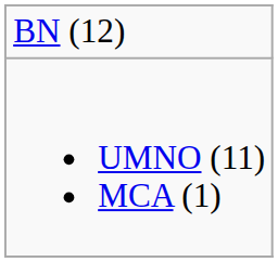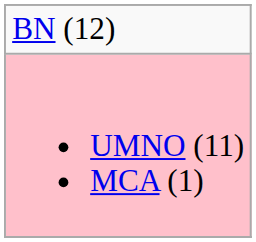 <table class="wikitable">
 <tr>
 <td> <a href='#'>BN</a> (12)</td>
 </tr>
 <tr>
-<td><br><ul><li> <a href='#'>UMNO</a> (11)</li><li> <a href='#'>MCA</a> (1)</li></ul></td>
+<td style="background: pink;"><br><ul><li> <a href='#'>UMNO</a> (11)</li><li> <a href='#'>MCA</a> (1)</li></ul></td>
 </tr>
 <tr>
 </tr>
 </table>
